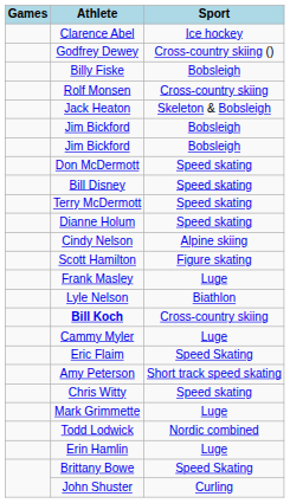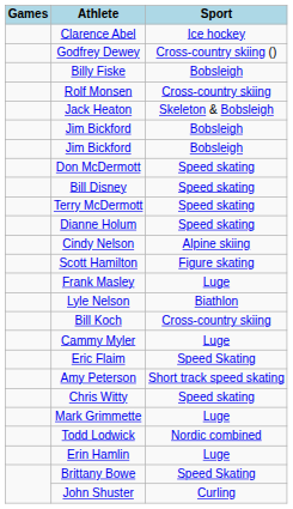 <table class="wikitable" style="text-align:center">
 <tr>
 <th style="background:lightblue;">Games</th>
 <th style="background:lightblue;">Athlete</th>
 <th style="background:lightblue;">Sport</th>
 </tr>
 <tr>
 <td></td>
 <td><a href='#'>Clarence Abel</a></td>
 <td><a href='#'>Ice hockey</a></td>
 </tr>
 <tr>
 <td></td>
 <td><a href='#'>Godfrey Dewey</a></td>
 <td><a href='#'>Cross-country skiing</a> ()</td>
 </tr>
 <tr>
 <td></td>
 <td><a href='#'>Billy Fiske</a></td>
 <td><a href='#'>Bobsleigh</a></td>
 </tr>
 <tr>
 <td></td>
 <td><a href='#'>Rolf Monsen</a></td>
 <td><a href='#'>Cross-country skiing</a></td>
 </tr>
 <tr>
 <td></td>
 <td><a href='#'>Jack Heaton</a></td>
 <td><a href='#'>Skeleton</a> & <a href='#'>Bobsleigh</a></td>
 </tr>
 <tr>
 <td></td>
 <td><a href='#'>Jim Bickford</a></td>
 <td><a href='#'>Bobsleigh</a></td>
 </tr>
 <tr>
 <td></td>
 <td><a href='#'>Jim Bickford</a></td>
 <td><a href='#'>Bobsleigh</a></td>
 </tr>
 <tr>
 <td></td>
 <td><a href='#'>Don McDermott</a></td>
 <td><a href='#'>Speed skating</a></td>
 </tr>
 <tr>
 <td></td>
 <td><a href='#'>Bill Disney</a></td>
 <td><a href='#'>Speed skating</a></td>
 </tr>
 <tr>
 <td></td>
 <td><a href='#'>Terry McDermott</a></td>
 <td><a href='#'>Speed skating</a></td>
 </tr>
 <tr>
 <td></td>
 <td><a href='#'>Dianne Holum</a></td>
 <td><a href='#'>Speed skating</a></td>
 </tr>
 <tr>
 <td></td>
 <td><a href='#'>Cindy Nelson</a></td>
 <td><a href='#'>Alpine skiing</a></td>
 </tr>
 <tr>
 <td></td>
 <td><a href='#'>Scott Hamilton</a></td>
 <td><a href='#'>Figure skating</a></td>
 </tr>
 <tr>
 <td></td>
 <td><a href='#'>Frank Masley</a></td>
 <td><a href='#'>Luge</a></td>
 </tr>
 <tr>
 <td></td>
 <td><a href='#'>Lyle Nelson</a></td>
 <td><a href='#'>Biathlon</a></td>
 </tr>
 <tr>
 <td></td>
-<td><strong><a href='#'>Bill Koch</a></strong></td>
+<td><a href='#'>Bill Koch</a></td>
 <td><a href='#'>Cross-country skiing</a></td>
 </tr>
 <tr>
 <td></td>
 <td><a href='#'>Cammy Myler</a></td>
 <td><a href='#'>Luge</a></td>
 </tr>
 <tr>
 <td></td>
 <td><a href='#'>Eric Flaim</a></td>
 <td><a href='#'>Speed Skating</a></td>
 </tr>
 <tr>
 <td></td>
 <td><a href='#'>Amy Peterson</a></td>
 <td><a href='#'>Short track speed skating</a></td>
 </tr>
 <tr>
 <td></td>
 <td><a href='#'>Chris Witty</a></td>
 <td><a href='#'>Speed skating</a></td>
 </tr>
 <tr>
 <td></td>
 <td><a href='#'>Mark Grimmette</a></td>
 <td><a href='#'>Luge</a></td>
 </tr>
 <tr>
 <td></td>
 <td><a href='#'>Todd Lodwick</a></td>
 <td><a href='#'>Nordic combined</a></td>
 </tr>
 <tr>
 <td></td>
 <td><a href='#'>Erin Hamlin</a></td>
 <td><a href='#'>Luge</a></td>
 </tr>
 <tr>
 <td rowspan=2></td>
 <td><a href='#'>Brittany Bowe</a></td>
 <td><a href='#'>Speed Skating</a></td>
 </tr>
 <tr>
 <td><a href='#'>John Shuster</a></td>
 <td><a href='#'>Curling</a></td>
 </tr>
 </table>
